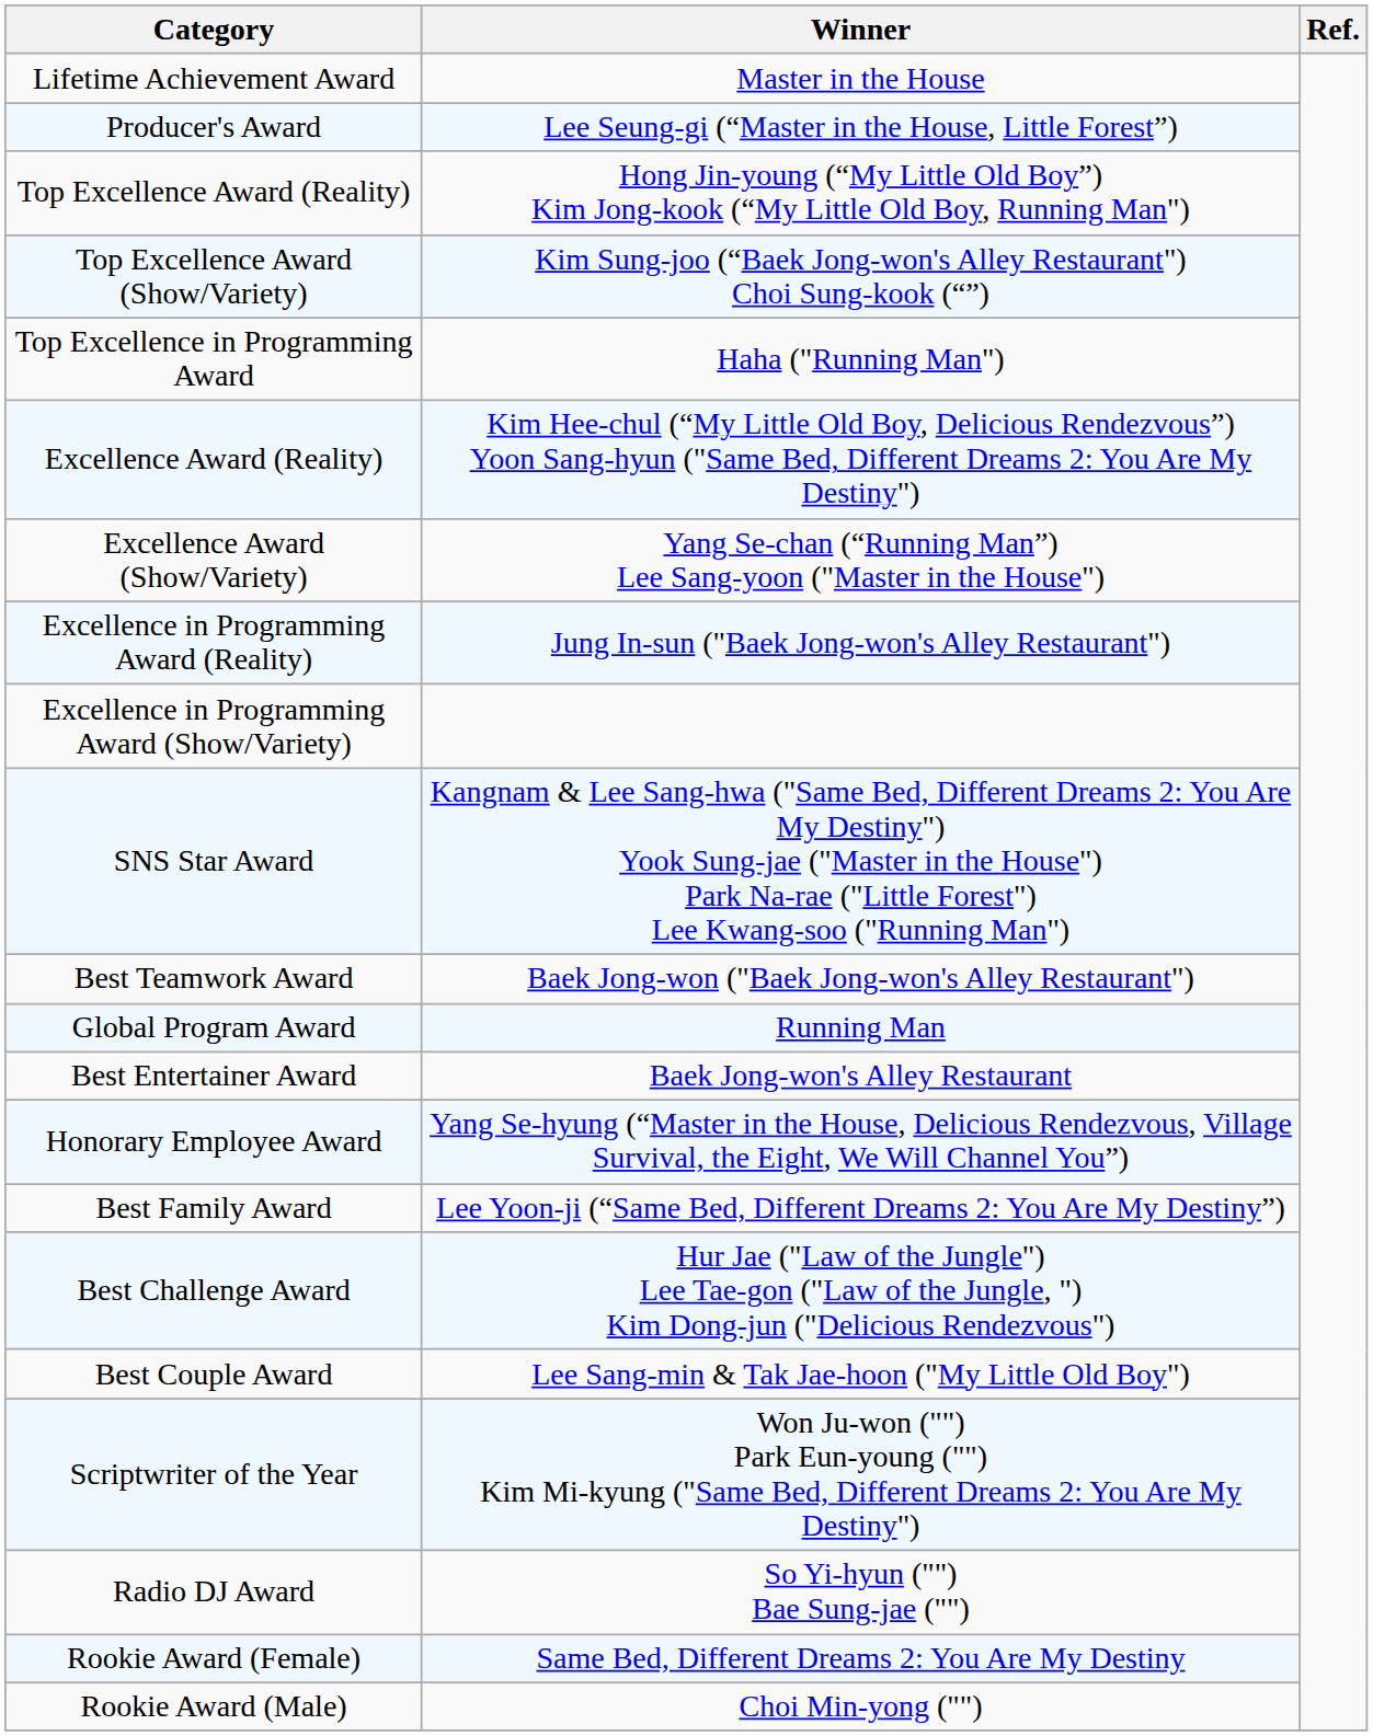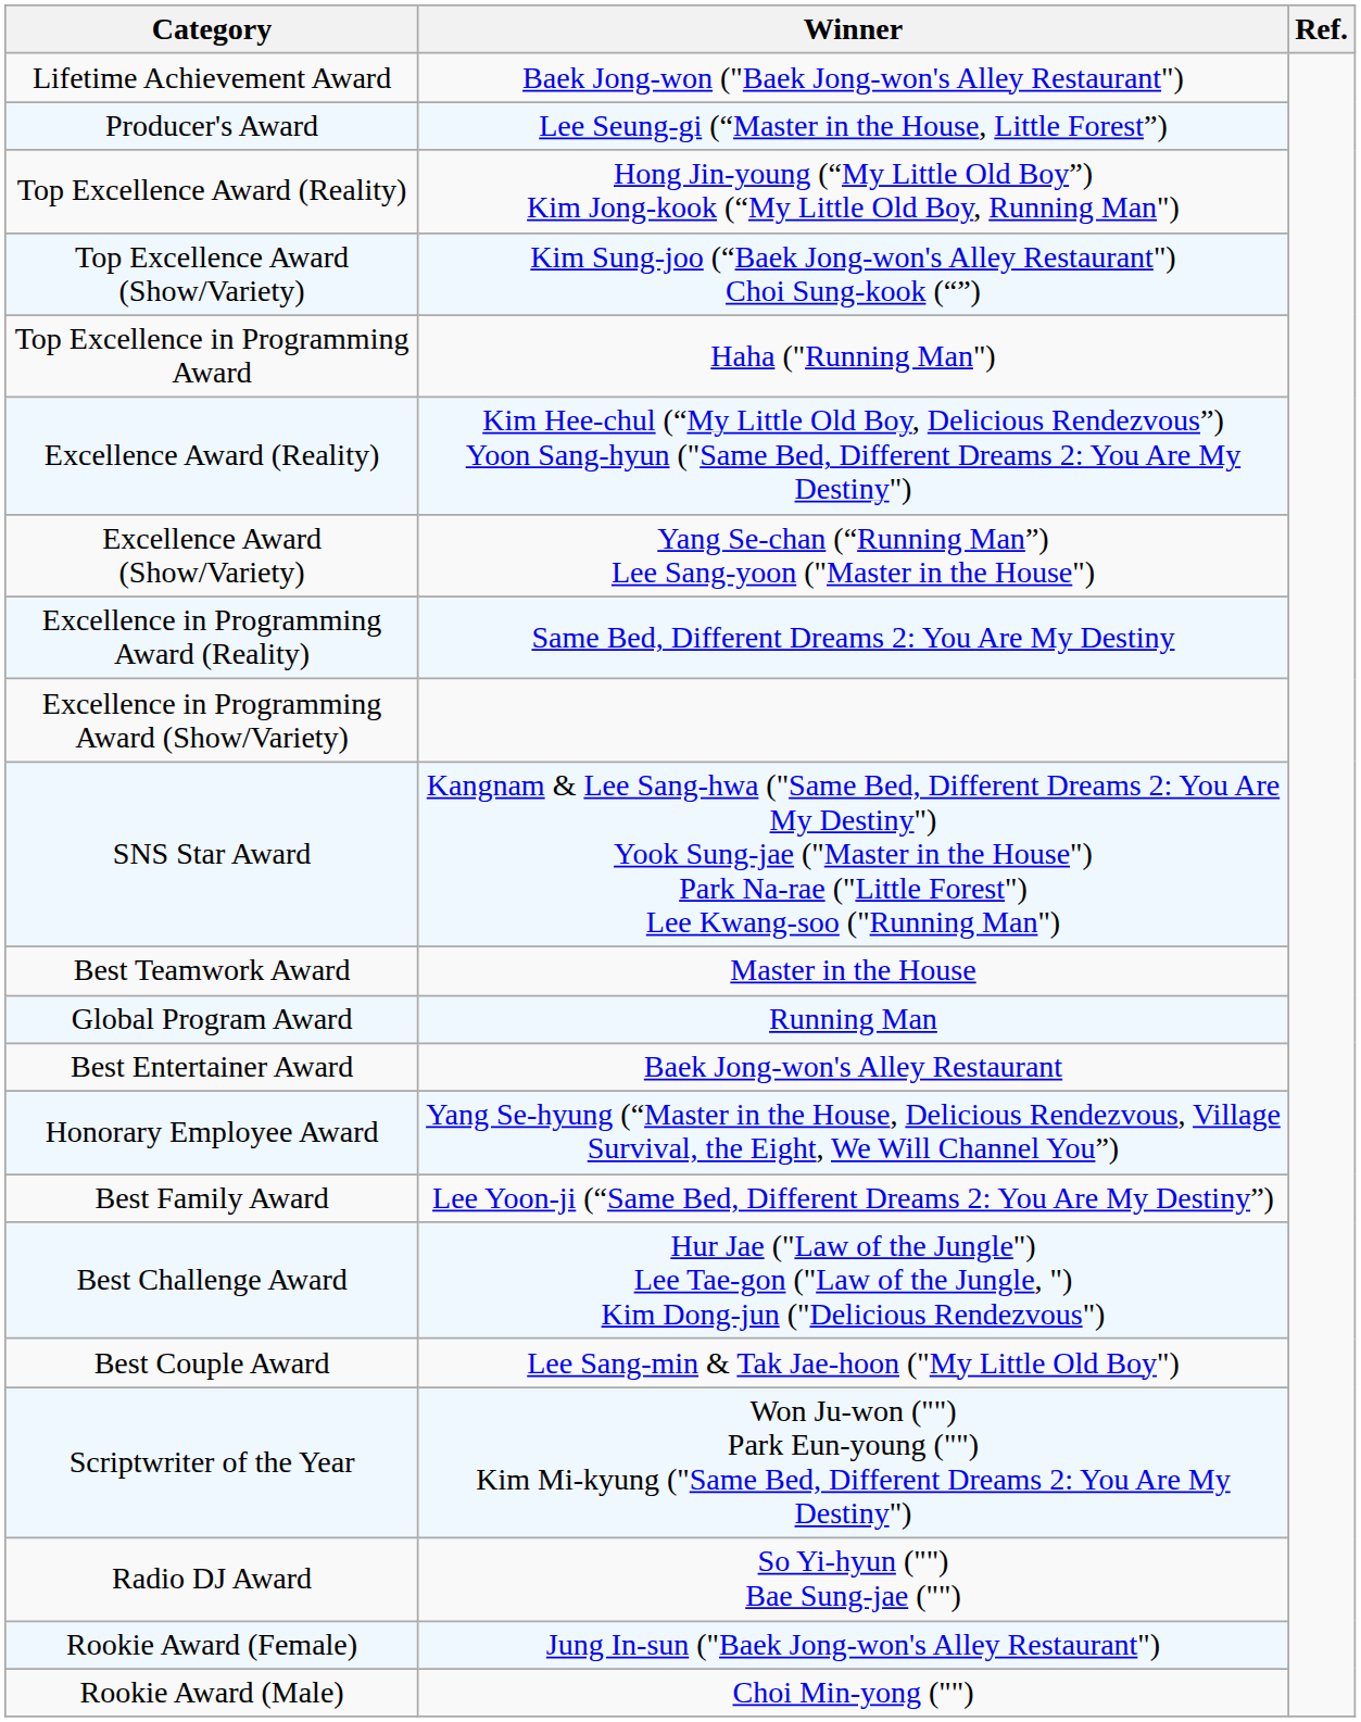 <table class="wikitable sortable">
 <tr align=center>
 <th style="width:210px">Category</th>
 <th style="width:450px">Winner</th>
 <th style="width:10px">Ref.</th>
 </tr>
 <tr align=center>
 <td>Lifetime Achievement Award</td>
-<td><a href='#'>Master in the House</a></td>
+<td><a href='#'>Baek Jong-won</a> ("<a href='#'>Baek Jong-won's Alley Restaurant</a>")</td>
 <td rowspan="21"></td>
 </tr>
 <tr align=center style="background:#F0F8FF">
 <td>Producer's Award</td>
 <td><a href='#'>Lee Seung-gi</a> (“<a href='#'>Master in the House</a>, <a href='#'>Little Forest</a>”)</td>
 </tr>
 <tr align=center>
 <td>Top Excellence Award (Reality)</td>
 <td><a href='#'>Hong Jin-young</a> (“<a href='#'>My Little Old Boy</a>”)<br><a href='#'>Kim Jong-kook</a> (“<a href='#'>My Little Old Boy</a>, <a href='#'>Running Man</a>")</td>
 </tr>
 <tr align=center style="background:#F0F8FF">
 <td>Top Excellence Award (Show/Variety)</td>
 <td><a href='#'>Kim Sung-joo</a> (“<a href='#'>Baek Jong-won's Alley Restaurant</a>")<br><a href='#'>Choi Sung-kook</a> (“”)</td>
 </tr>
 <tr align=center>
 <td>Top Excellence in Programming Award</td>
 <td><a href='#'>Haha</a> ("<a href='#'>Running Man</a>")</td>
 </tr>
 <tr align=center style="background:#F0F8FF">
 <td>Excellence Award (Reality)</td>
 <td><a href='#'>Kim Hee-chul</a> (“<a href='#'>My Little Old Boy</a>, <a href='#'>Delicious Rendezvous</a>”)<br><a href='#'>Yoon Sang-hyun</a> ("<a href='#'>Same Bed, Different Dreams 2: You Are My Destiny</a>")</td>
 </tr>
 <tr align=center>
 <td>Excellence Award (Show/Variety)</td>
 <td><a href='#'>Yang Se-chan</a> (“<a href='#'>Running Man</a>”)<br><a href='#'>Lee Sang-yoon</a> ("<a href='#'>Master in the House</a>")</td>
 </tr>
 <tr align=center style="background:#F0F8FF">
 <td>Excellence in Programming Award (Reality)</td>
-<td><a href='#'>Jung In-sun</a> ("<a href='#'>Baek Jong-won's Alley Restaurant</a>")</td>
+<td><a href='#'>Same Bed, Different Dreams 2: You Are My Destiny</a></td>
 </tr>
 <tr align=center>
 <td>Excellence in Programming Award (Show/Variety)</td>
 <td></td>
 </tr>
 <tr align=center style="background:#F0F8FF">
 <td>SNS Star Award</td>
 <td><a href='#'>Kangnam</a> & <a href='#'>Lee Sang-hwa</a> ("<a href='#'>Same Bed, Different Dreams 2: You Are My Destiny</a>")<br><a href='#'>Yook Sung-jae</a> ("<a href='#'>Master in the House</a>")<br><a href='#'>Park Na-rae</a> ("<a href='#'>Little Forest</a>")<br><a href='#'>Lee Kwang-soo</a> ("<a href='#'>Running Man</a>")</td>
 </tr>
 <tr align=center>
 <td>Best Teamwork Award</td>
-<td><a href='#'>Baek Jong-won</a> ("<a href='#'>Baek Jong-won's Alley Restaurant</a>")</td>
+<td><a href='#'>Master in the House</a></td>
 </tr>
 <tr align=center style="background:#F0F8FF">
 <td>Global Program Award</td>
 <td><a href='#'>Running Man</a></td>
 </tr>
 <tr align=center>
 <td>Best Entertainer Award</td>
 <td><a href='#'>Baek Jong-won's Alley Restaurant</a></td>
 </tr>
 <tr align=center style="background:#F0F8FF">
 <td>Honorary Employee Award</td>
 <td><a href='#'>Yang Se-hyung</a> (“<a href='#'>Master in the House</a>, <a href='#'>Delicious Rendezvous</a>, <a href='#'>Village Survival, the Eight</a>, <a href='#'>We Will Channel You</a>”)</td>
 </tr>
 <tr align=center>
 <td>Best Family Award</td>
 <td><a href='#'>Lee Yoon-ji</a> (“<a href='#'>Same Bed, Different Dreams 2: You Are My Destiny</a>”)</td>
 </tr>
 <tr align=center style="background:#F0F8FF">
 <td>Best Challenge Award</td>
 <td><a href='#'>Hur Jae</a> ("<a href='#'>Law of the Jungle</a>")<br><a href='#'>Lee Tae-gon</a> ("<a href='#'>Law of the Jungle</a>, ")<br><a href='#'>Kim Dong-jun</a> ("<a href='#'>Delicious Rendezvous</a>")</td>
 </tr>
 <tr align=center>
 <td>Best Couple Award</td>
 <td><a href='#'>Lee Sang-min</a> & <a href='#'>Tak Jae-hoon</a> ("<a href='#'>My Little Old Boy</a>")</td>
 </tr>
 <tr align=center style="background:#F0F8FF">
 <td>Scriptwriter of the Year</td>
 <td>Won Ju-won ("")<br>Park Eun-young ("")<br>Kim Mi-kyung ("<a href='#'>Same Bed, Different Dreams 2: You Are My Destiny</a>")</td>
 </tr>
 <tr align=center>
 <td>Radio DJ Award</td>
 <td><a href='#'>So Yi-hyun</a> ("")<br><a href='#'>Bae Sung-jae</a> ("")</td>
 </tr>
 <tr align=center style="background:#F0F8FF">
 <td>Rookie Award (Female)</td>
-<td><a href='#'>Same Bed, Different Dreams 2: You Are My Destiny</a></td>
+<td><a href='#'>Jung In-sun</a> ("<a href='#'>Baek Jong-won's Alley Restaurant</a>")</td>
 </tr>
 <tr align=center>
 <td>Rookie Award (Male)</td>
 <td><a href='#'>Choi Min-yong</a> ("")</td>
 </tr>
 </table>
